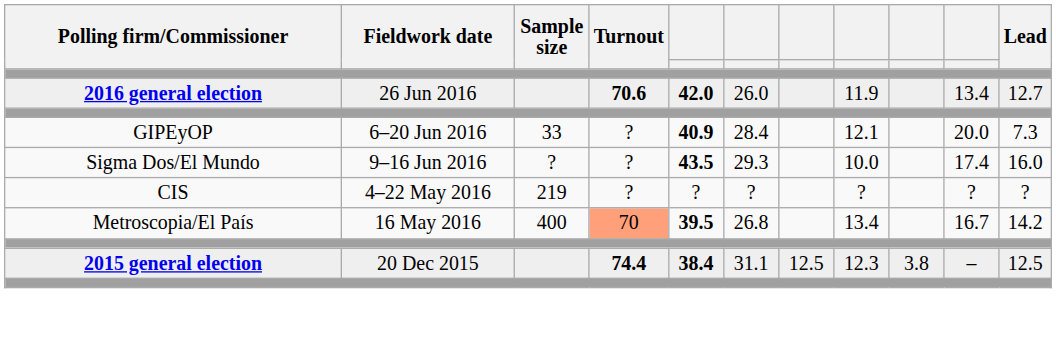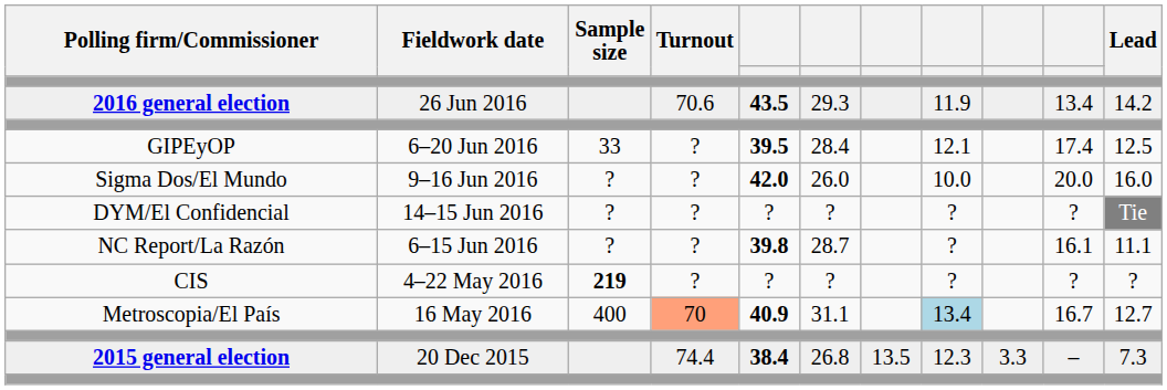 <table class="wikitable collapsible collapsed" style="text-align:center; font-size:95%; line-height:16px;">
 <tr style="height:42px; background-color:#E9E9E9">
 <th style="width:250px;" rowspan="2">Polling firm/Commissioner</th>
 <th style="width:125px;" rowspan="2">Fieldwork date</th>
 <th style="width:50px;" rowspan="2">Sample size</th>
 <th style="width:45px;" rowspan="2">Turnout</th>
 <th style="width:35px;"></th>
 <th style="width:35px;"></th>
 <th style="width:35px;"></th>
 <th style="width:35px;"></th>
 <th style="width:35px;"></th>
 <th style="width:35px;"></th>
 <th style="width:30px;" rowspan="2">Lead</th>
 </tr>
 <tr>
 <th style="color:inherit;background:"></th>
 <th style="color:inherit;background:"></th>
 <th style="color:inherit;background:"></th>
 <th style="color:inherit;background:"></th>
 <th style="color:inherit;background:"></th>
 <th style="color:inherit;background:"></th>
 </tr>
 <tr>
 <td colspan="11" style="background:#A0A0A0"></td>
 </tr>
 <tr style="background:#EFEFEF;">
 <td><strong><a href='#'>2016 general election</a></strong></td>
 <td>26 Jun 2016</td>
 <td></td>
-<td><strong>70.6</strong></td>
-<td><strong>42.0</strong><br></td>
-<td>26.0<br></td>
+<td>70.6</td>
+<td><strong>43.5</strong><br></td>
+<td>29.3<br></td>
 <td></td>
 <td>11.9<br></td>
 <td></td>
 <td>13.4<br></td>
-<td style="background:">12.7</td>
+<td style="background:">14.2</td>
 </tr>
 <tr>
 <td colspan="11" style="background:#A0A0A0"></td>
 </tr>
 <tr>
 <td>GIPEyOP</td>
 <td>6–20 Jun 2016</td>
 <td>33</td>
 <td>?</td>
-<td><strong>40.9</strong><br></td>
+<td><strong>39.5</strong><br></td>
 <td>28.4<br></td>
 <td></td>
 <td>12.1<br></td>
 <td></td>
-<td>20.0<br></td>
-<td style="background:">7.3</td>
+<td>17.4<br></td>
+<td style="background:">12.5</td>
 </tr>
 <tr>
 <td>Sigma Dos/El Mundo</td>
 <td>9–16 Jun 2016</td>
 <td>?</td>
 <td>?</td>
-<td><strong>43.5</strong><br></td>
-<td>29.3<br></td>
+<td><strong>42.0</strong><br></td>
+<td>26.0<br></td>
 <td></td>
 <td>10.0<br></td>
 <td></td>
-<td>17.4<br></td>
+<td>20.0<br></td>
 <td style="background:">16.0</td>
+</tr>
+<tr>
+<td>DYM/El Confidencial</td>
+<td>14–15 Jun 2016</td>
+<td>?</td>
+<td>?</td>
+<td>?<br></td>
+<td>?<br></td>
+<td></td>
+<td>?<br></td>
+<td></td>
+<td>?<br></td>
+<td style="background:gray;color:white;">Tie</td>
+</tr>
+<tr>
+<td>NC Report/La Razón</td>
+<td>6–15 Jun 2016</td>
+<td>?</td>
+<td>?</td>
+<td><strong>39.8</strong><br></td>
+<td>28.7<br></td>
+<td></td>
+<td>?<br></td>
+<td></td>
+<td>16.1<br></td>
+<td style="background:">11.1</td>
 </tr>
 <tr>
 <td>CIS</td>
 <td>4–22 May 2016</td>
-<td>219</td>
+<td><strong>219</strong></td>
 <td>?</td>
 <td>?<br></td>
 <td>?<br></td>
 <td></td>
 <td>?<br></td>
 <td></td>
 <td>?<br></td>
 <td style="background:">?</td>
 </tr>
 <tr>
 <td>Metroscopia/El País</td>
 <td>16 May 2016</td>
 <td>400</td>
 <td style="background: lightsalmon;">70</td>
-<td><strong>39.5</strong><br></td>
-<td>26.8<br></td>
+<td><strong>40.9</strong><br></td>
+<td>31.1<br></td>
 <td></td>
-<td>13.4<br></td>
+<td style="background: lightblue;">13.4<br></td>
 <td></td>
 <td>16.7<br></td>
-<td style="background:">14.2</td>
+<td style="background:">12.7</td>
 </tr>
 <tr>
 <td colspan="11" style="background:#A0A0A0"></td>
 </tr>
 <tr style="background:#EFEFEF;">
 <td><strong><a href='#'>2015 general election</a></strong></td>
 <td>20 Dec 2015</td>
 <td></td>
-<td><strong>74.4</strong></td>
+<td>74.4</td>
 <td><strong>38.4</strong><br></td>
-<td>31.1<br></td>
-<td>12.5<br></td>
+<td>26.8<br></td>
+<td>13.5<br></td>
 <td>12.3<br></td>
-<td>3.8<br></td>
+<td>3.3<br></td>
 <td>–</td>
-<td style="background:">12.5</td>
+<td style="background:">7.3</td>
 </tr>
 <tr>
 <td colspan="11" style="background:#A0A0A0"></td>
 </tr>
 </table>
